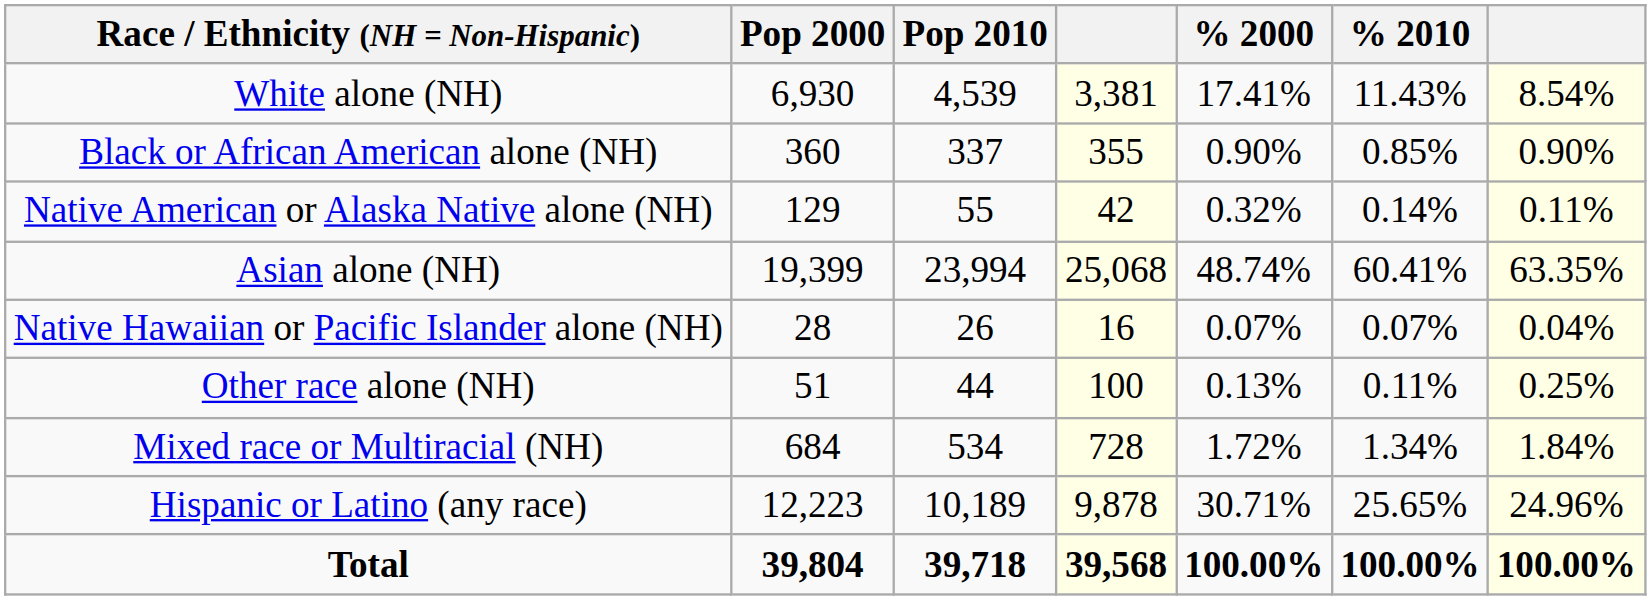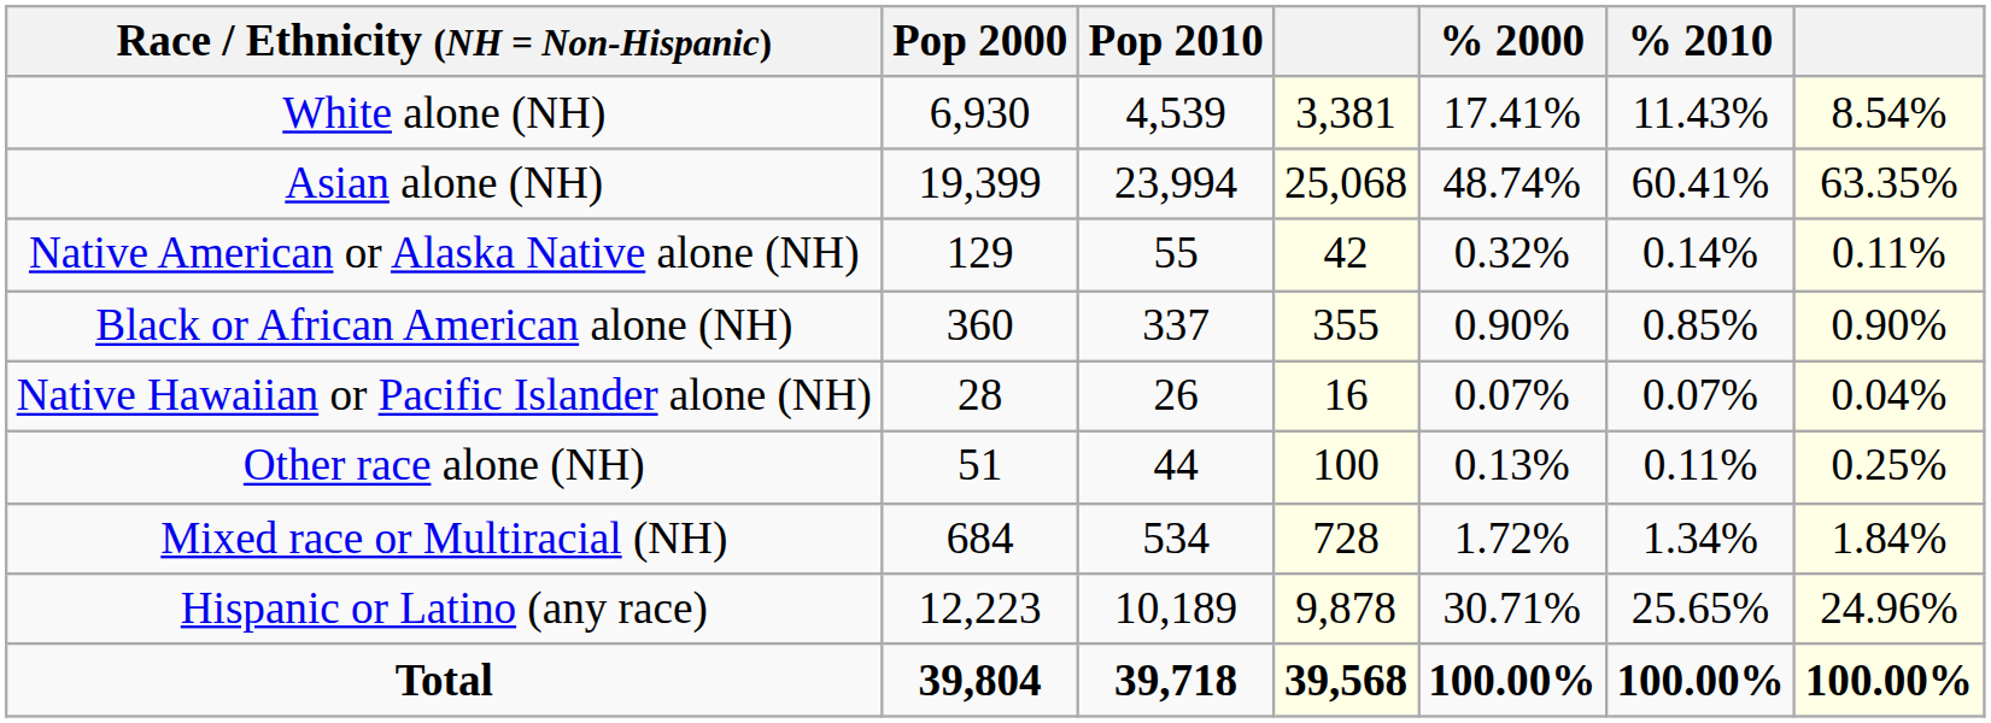 <table class="wikitable" style="text-align:center;">
 <tr>
 <th>Race / Ethnicity <small>(<em>NH = Non-Hispanic</em>)</small></th>
 <th>Pop 2000</th>
 <th>Pop 2010</th>
 <th></th>
 <th>% 2000</th>
 <th>% 2010</th>
 <th></th>
 </tr>
 <tr>
 <td><a href='#'>White</a> alone (NH)</td>
 <td>6,930</td>
 <td>4,539</td>
 <td style='background: #ffffe6;'>3,381</td>
 <td>17.41%</td>
 <td>11.43%</td>
 <td style='background: #ffffe6;'>8.54%</td>
 </tr>
 <tr>
-<td><a href='#'>Black or African American</a> alone (NH)</td>
-<td>360</td>
-<td>337</td>
-<td style='background: #ffffe6;'>355</td>
-<td>0.90%</td>
-<td>0.85%</td>
-<td style='background: #ffffe6;'>0.90%</td>
+<td><a href='#'>Asian</a> alone (NH)</td>
+<td>19,399</td>
+<td>23,994</td>
+<td style='background: #ffffe6;'>25,068</td>
+<td>48.74%</td>
+<td>60.41%</td>
+<td style='background: #ffffe6;'>63.35%</td>
 </tr>
 <tr>
 <td><a href='#'>Native American</a> or <a href='#'>Alaska Native</a> alone (NH)</td>
 <td>129</td>
 <td>55</td>
 <td style='background: #ffffe6;'>42</td>
 <td>0.32%</td>
 <td>0.14%</td>
 <td style='background: #ffffe6;'>0.11%</td>
 </tr>
 <tr>
-<td><a href='#'>Asian</a> alone (NH)</td>
-<td>19,399</td>
-<td>23,994</td>
-<td style='background: #ffffe6;'>25,068</td>
-<td>48.74%</td>
-<td>60.41%</td>
-<td style='background: #ffffe6;'>63.35%</td>
+<td><a href='#'>Black or African American</a> alone (NH)</td>
+<td>360</td>
+<td>337</td>
+<td style='background: #ffffe6;'>355</td>
+<td>0.90%</td>
+<td>0.85%</td>
+<td style='background: #ffffe6;'>0.90%</td>
 </tr>
 <tr>
 <td><a href='#'>Native Hawaiian</a> or <a href='#'>Pacific Islander</a> alone (NH)</td>
 <td>28</td>
 <td>26</td>
 <td style='background: #ffffe6;'>16</td>
 <td>0.07%</td>
 <td>0.07%</td>
 <td style='background: #ffffe6;'>0.04%</td>
 </tr>
 <tr>
 <td><a href='#'>Other race</a> alone (NH)</td>
 <td>51</td>
 <td>44</td>
 <td style='background: #ffffe6;'>100</td>
 <td>0.13%</td>
 <td>0.11%</td>
 <td style='background: #ffffe6;'>0.25%</td>
 </tr>
 <tr>
 <td><a href='#'>Mixed race or Multiracial</a> (NH)</td>
 <td>684</td>
 <td>534</td>
 <td style='background: #ffffe6;'>728</td>
 <td>1.72%</td>
 <td>1.34%</td>
 <td style='background: #ffffe6;'>1.84%</td>
 </tr>
 <tr>
 <td><a href='#'>Hispanic or Latino</a> (any race)</td>
 <td>12,223</td>
 <td>10,189</td>
 <td style='background: #ffffe6;'>9,878</td>
 <td>30.71%</td>
 <td>25.65%</td>
 <td style='background: #ffffe6;'>24.96%</td>
 </tr>
 <tr>
 <td><strong>Total</strong></td>
 <td><strong>39,804</strong></td>
 <td><strong>39,718</strong></td>
 <td style='background: #ffffe6;'><strong>39,568</strong></td>
 <td><strong>100.00%</strong></td>
 <td><strong>100.00%</strong></td>
 <td style='background: #ffffe6;'><strong>100.00%</strong></td>
 </tr>
 </table>
